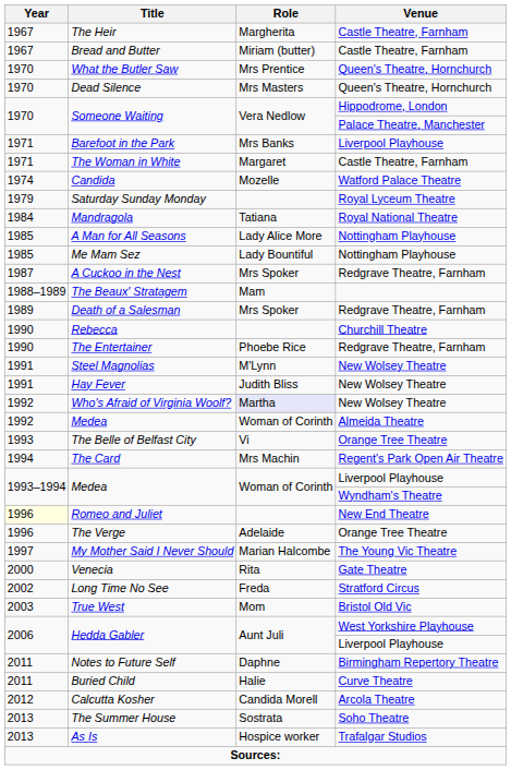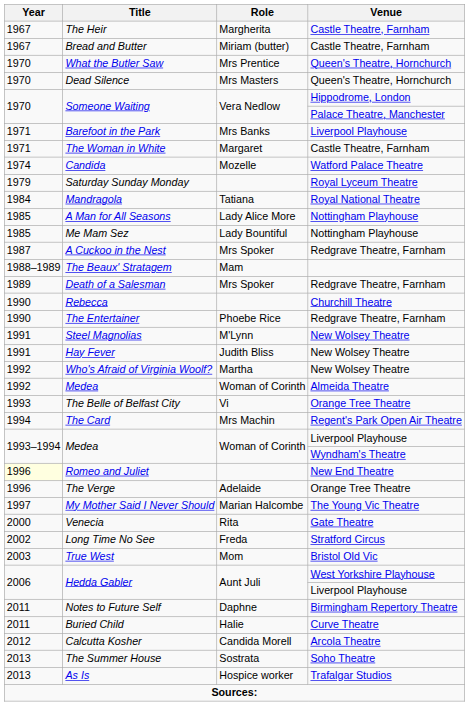 <table class="wikitable">
 <tr>
 <th>Year</th>
 <th>Title</th>
 <th>Role</th>
 <th>Venue</th>
 </tr>
 <tr>
 <td>1967</td>
 <td><em>The Heir</em></td>
 <td>Margherita</td>
 <td><a href='#'>Castle Theatre, Farnham</a></td>
 </tr>
 <tr>
 <td>1967</td>
 <td><em>Bread and Butter</em></td>
 <td>Miriam (butter)</td>
 <td>Castle Theatre, Farnham</td>
 </tr>
 <tr>
 <td>1970</td>
 <td><em><a href='#'>What the Butler Saw</a></em></td>
 <td>Mrs Prentice</td>
 <td><a href='#'>Queen's Theatre, Hornchurch</a></td>
 </tr>
 <tr>
 <td>1970</td>
 <td><em>Dead Silence</em></td>
 <td>Mrs Masters</td>
 <td>Queen's Theatre, Hornchurch</td>
 </tr>
 <tr>
 <td rowspan="2">1970</td>
 <td rowspan="2"><em><a href='#'>Someone Waiting</a></em></td>
 <td rowspan="2">Vera Nedlow</td>
 <td><a href='#'>Hippodrome, London</a></td>
 </tr>
 <tr>
 <td><a href='#'>Palace Theatre, Manchester</a></td>
 </tr>
 <tr>
 <td>1971</td>
 <td><em><a href='#'>Barefoot in the Park</a></em></td>
 <td>Mrs Banks</td>
 <td><a href='#'>Liverpool Playhouse</a></td>
 </tr>
 <tr>
 <td>1971</td>
 <td><em><a href='#'>The Woman in White</a></em></td>
 <td>Margaret</td>
 <td>Castle Theatre, Farnham</td>
 </tr>
 <tr>
 <td>1974</td>
 <td><em><a href='#'>Candida</a></em></td>
 <td>Mozelle</td>
 <td><a href='#'>Watford Palace Theatre</a></td>
 </tr>
 <tr>
 <td>1979</td>
 <td><em>Saturday Sunday Monday</em></td>
 <td></td>
 <td><a href='#'>Royal Lyceum Theatre</a></td>
 </tr>
 <tr>
 <td>1984</td>
 <td><em><a href='#'>Mandragola</a></em></td>
 <td>Tatiana</td>
 <td><a href='#'>Royal National Theatre</a></td>
 </tr>
 <tr>
 <td>1985</td>
 <td><em><a href='#'>A Man for All Seasons</a></em></td>
 <td>Lady Alice More</td>
 <td><a href='#'>Nottingham Playhouse</a></td>
 </tr>
 <tr>
 <td>1985</td>
 <td><em>Me Mam Sez</em></td>
 <td>Lady Bountiful</td>
 <td>Nottingham Playhouse</td>
 </tr>
 <tr>
 <td>1987</td>
 <td><em><a href='#'>A Cuckoo in the Nest</a></em></td>
 <td>Mrs Spoker</td>
 <td>Redgrave Theatre, Farnham</td>
 </tr>
 <tr>
 <td>1988–1989</td>
 <td><em><a href='#'>The Beaux' Stratagem</a></em></td>
 <td>Mam</td>
 <td></td>
 </tr>
 <tr>
 <td>1989</td>
 <td><em><a href='#'>Death of a Salesman</a></em></td>
 <td>Mrs Spoker</td>
 <td>Redgrave Theatre, Farnham</td>
 </tr>
 <tr>
 <td>1990</td>
 <td><em><a href='#'>Rebecca</a></em></td>
 <td></td>
 <td><a href='#'>Churchill Theatre</a></td>
 </tr>
 <tr>
 <td>1990</td>
 <td><em><a href='#'>The Entertainer</a></em></td>
 <td>Phoebe Rice</td>
 <td>Redgrave Theatre, Farnham</td>
 </tr>
 <tr>
 <td>1991</td>
 <td><em><a href='#'>Steel Magnolias</a></em></td>
 <td>M'Lynn</td>
 <td><a href='#'>New Wolsey Theatre</a></td>
 </tr>
 <tr>
 <td>1991</td>
 <td><em><a href='#'>Hay Fever</a></em></td>
 <td>Judith Bliss</td>
 <td>New Wolsey Theatre</td>
 </tr>
 <tr>
 <td>1992</td>
 <td><em><a href='#'>Who's Afraid of Virginia Woolf?</a></em></td>
-<td style="background: lavender;">Martha</td>
+<td>Martha</td>
 <td>New Wolsey Theatre</td>
 </tr>
 <tr>
 <td>1992</td>
 <td><em><a href='#'>Medea</a></em></td>
 <td>Woman of Corinth</td>
 <td><a href='#'>Almeida Theatre</a></td>
 </tr>
 <tr>
 <td>1993</td>
 <td><em>The Belle of Belfast City</em></td>
 <td>Vi</td>
 <td><a href='#'>Orange Tree Theatre</a></td>
 </tr>
 <tr>
 <td>1994</td>
 <td><em><a href='#'>The Card</a></em></td>
 <td>Mrs Machin</td>
 <td><a href='#'>Regent's Park Open Air Theatre</a></td>
 </tr>
 <tr>
 <td rowspan="2">1993–1994</td>
 <td rowspan="2"><em>Medea</em></td>
 <td rowspan="2">Woman of Corinth</td>
 <td>Liverpool Playhouse</td>
 </tr>
 <tr>
 <td><a href='#'>Wyndham's Theatre</a></td>
 </tr>
 <tr>
 <td style="background: lightyellow;">1996</td>
 <td><em><a href='#'>Romeo and Juliet</a></em></td>
 <td></td>
 <td><a href='#'>New End Theatre</a></td>
 </tr>
 <tr>
 <td>1996</td>
 <td><em>The Verge</em></td>
 <td>Adelaide</td>
 <td>Orange Tree Theatre</td>
 </tr>
 <tr>
 <td>1997</td>
 <td><em><a href='#'>My Mother Said I Never Should</a></em></td>
 <td>Marian Halcombe</td>
 <td><a href='#'>The Young Vic Theatre</a></td>
 </tr>
 <tr>
 <td>2000</td>
 <td><em>Venecia</em></td>
 <td>Rita</td>
 <td><a href='#'>Gate Theatre</a></td>
 </tr>
 <tr>
 <td>2002</td>
 <td><em>Long Time No See</em></td>
 <td>Freda</td>
 <td><a href='#'>Stratford Circus</a></td>
 </tr>
 <tr>
 <td>2003</td>
 <td><em><a href='#'>True West</a></em></td>
 <td>Mom</td>
 <td><a href='#'>Bristol Old Vic</a></td>
 </tr>
 <tr>
 <td rowspan="2">2006</td>
 <td rowspan="2"><em><a href='#'>Hedda Gabler</a></em></td>
 <td rowspan="2">Aunt Juli</td>
 <td><a href='#'>West Yorkshire Playhouse</a></td>
 </tr>
 <tr>
 <td>Liverpool Playhouse</td>
 </tr>
 <tr>
 <td>2011</td>
 <td><em>Notes to Future Self</em></td>
 <td>Daphne</td>
 <td><a href='#'>Birmingham Repertory Theatre</a></td>
 </tr>
 <tr>
 <td>2011</td>
 <td><em>Buried Child</em></td>
 <td>Halie</td>
 <td><a href='#'>Curve Theatre</a></td>
 </tr>
 <tr>
 <td>2012</td>
 <td><em>Calcutta Kosher</em></td>
 <td>Candida Morell</td>
 <td><a href='#'>Arcola Theatre</a></td>
 </tr>
 <tr>
 <td>2013</td>
 <td><em>The Summer House</em></td>
 <td>Sostrata</td>
 <td><a href='#'>Soho Theatre</a></td>
 </tr>
 <tr>
 <td>2013</td>
 <td><em><a href='#'>As Is</a></em></td>
 <td>Hospice worker</td>
 <td><a href='#'>Trafalgar Studios</a></td>
 </tr>
 <tr>
 <td colspan="4" style="text-align: center;"><strong>Sources:</strong> </td>
 </tr>
 </table>
